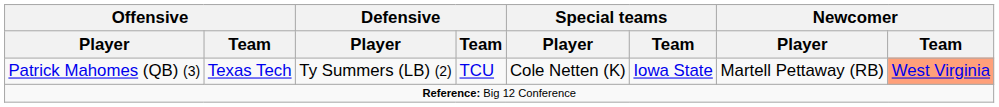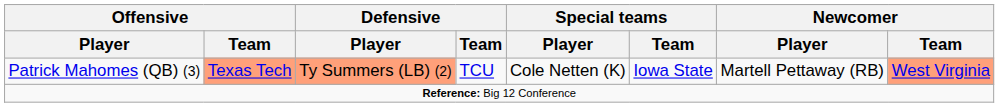 <table class="wikitable">
 <tr>
 <th colspan="2">Offensive</th>
 <th colspan="2">Defensive</th>
 <th colspan="2">Special teams</th>
 <th colspan="2">Newcomer</th>
 </tr>
 <tr>
 <th>Player</th>
 <th>Team</th>
 <th>Player</th>
 <th>Team</th>
 <th>Player</th>
 <th>Team</th>
 <th>Player</th>
 <th>Team</th>
 </tr>
 <tr>
 <td><a href='#'>Patrick Mahomes</a> (QB) <small>(3)</small></td>
-<td><a href='#'>Texas Tech</a></td>
-<td>Ty Summers (LB) <small>(2)</small></td>
+<td style="background: lightsalmon;"><a href='#'>Texas Tech</a></td>
+<td style="background: lightsalmon;">Ty Summers (LB) <small>(2)</small></td>
 <td><a href='#'>TCU</a></td>
 <td>Cole Netten (K)</td>
 <td><a href='#'>Iowa State</a></td>
 <td>Martell Pettaway (RB)</td>
 <td style="background: lightsalmon;"><a href='#'>West Virginia</a></td>
 </tr>
 <tr>
 <td colspan="12"  style="font-size:8pt; text-align:center;"><strong>Reference:</strong> Big 12 Conference</td>
 </tr>
 </table>
